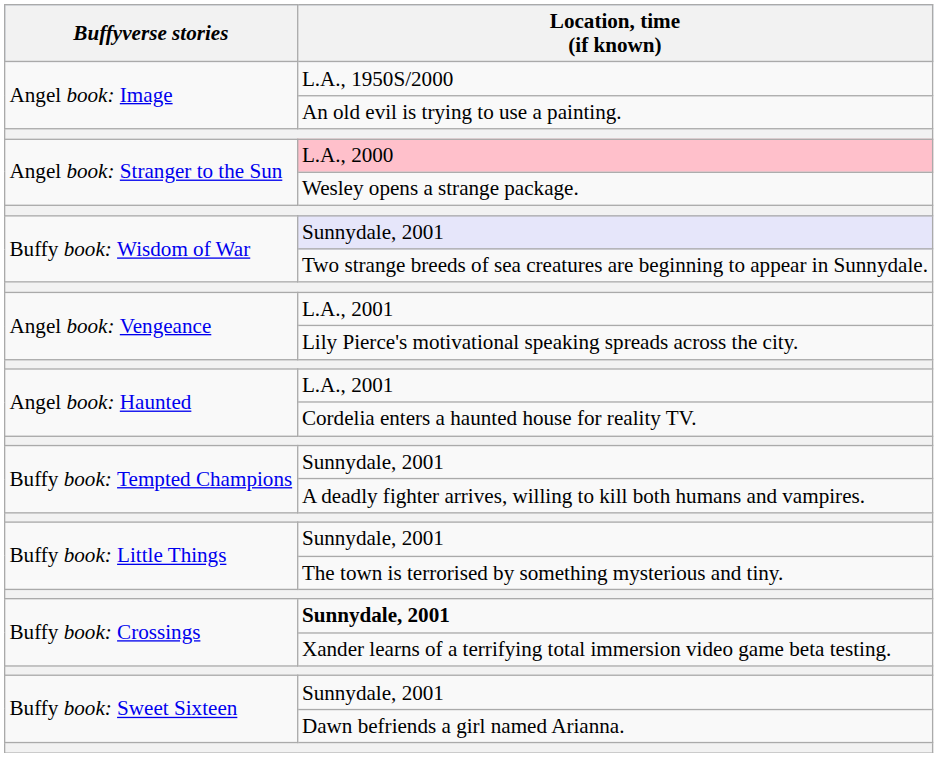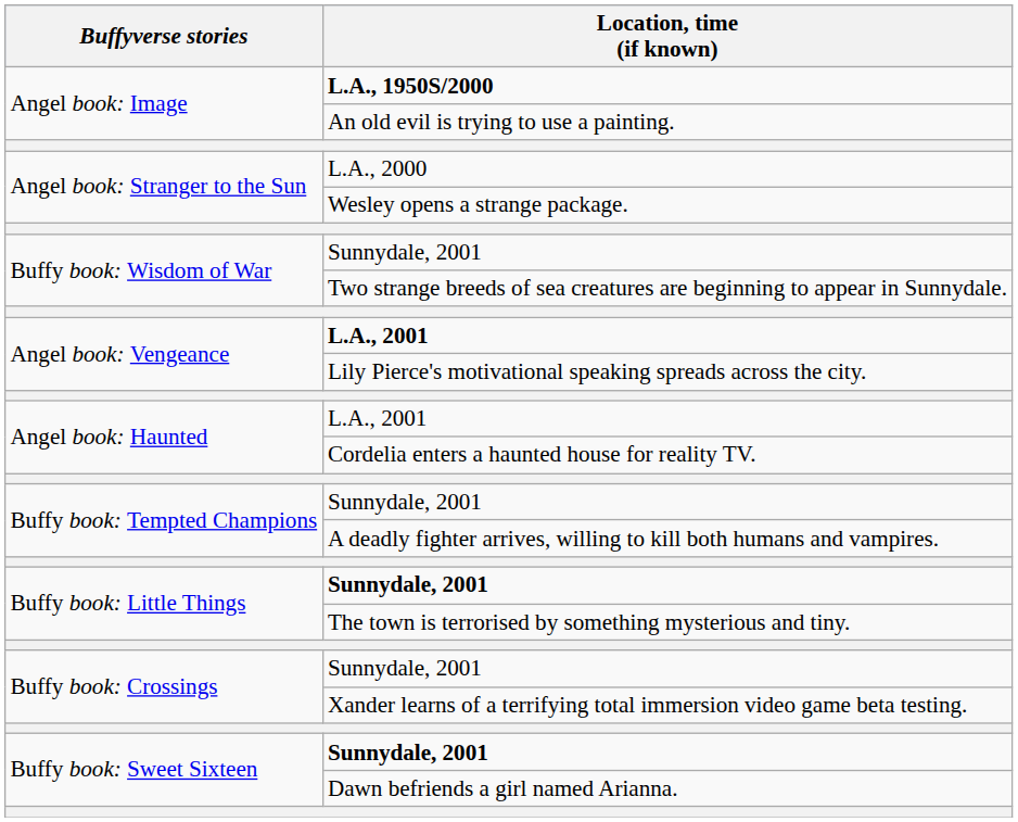 <table class="wikitable">
 <tr bgcolor="lightsteelblue" align=left>
 <th><strong><em>Buffyverse<em> stories<strong></th>
 <th></strong>Location, time<strong> <br>  (if known)</th>
 </tr>
 <tr>
 <td rowspan="2"></em>Angel<em> book: </em><a href='#'>Image</a><em></td>
-<td>L.A., 1950S/2000</td>
+<td><strong>L.A., 1950S/2000</strong></td>
 </tr>
 <tr>
 <td colspan="4">An old evil is trying to use a painting.</td>
 </tr>
 <tr>
 <td colspan="6" bgcolor="#f2f2f2"></td>
 </tr>
 <tr>
 <td rowspan="2"></em>Angel<em> book: </em><a href='#'>Stranger to the Sun</a><em></td>
-<td style="background: pink;">L.A., 2000</td>
+<td>L.A., 2000</td>
 </tr>
 <tr>
 <td colspan="4">Wesley opens a strange package.</td>
 </tr>
 <tr>
 <td colspan="6" bgcolor="#f2f2f2"></td>
 </tr>
 <tr>
 <td rowspan="2"></em>Buffy<em> book: </em><a href='#'>Wisdom of War</a><em></td>
-<td style="background: lavender;">Sunnydale, 2001</td>
+<td>Sunnydale, 2001</td>
 </tr>
 <tr>
 <td colspan="4">Two strange breeds of sea creatures are beginning to appear in Sunnydale.</td>
 </tr>
 <tr>
 <td colspan="6" bgcolor="#f2f2f2"></td>
 </tr>
 <tr>
 <td rowspan="2"></em>Angel<em> book: </em><a href='#'>Vengeance</a><em></td>
-<td>L.A., 2001</td>
+<td><strong>L.A., 2001</strong></td>
 </tr>
 <tr>
 <td colspan="4">Lily Pierce's motivational speaking spreads across the city.</td>
 </tr>
 <tr>
 <td colspan="6" bgcolor="#f2f2f2"></td>
 </tr>
 <tr>
 <td rowspan="2"></em>Angel<em> book: </em><a href='#'>Haunted</a><em></td>
 <td>L.A., 2001</td>
 </tr>
 <tr>
 <td colspan="4">Cordelia enters a haunted house for reality TV.</td>
 </tr>
 <tr>
 <td colspan="6" bgcolor="#f2f2f2"></td>
 </tr>
 <tr>
 <td rowspan="2"></em>Buffy<em> book: </em><a href='#'>Tempted Champions</a><em></td>
 <td>Sunnydale, 2001</td>
 </tr>
 <tr>
 <td colspan="4">A deadly fighter arrives, willing to kill both humans and vampires.</td>
 </tr>
 <tr>
 <td colspan="6" bgcolor="#f2f2f2"></td>
 </tr>
 <tr>
 <td rowspan="2"></em>Buffy<em> book: </em><a href='#'>Little Things</a><em></td>
-<td>Sunnydale, 2001</td>
+<td><strong>Sunnydale, 2001</strong></td>
 </tr>
 <tr>
 <td colspan="4">The town is terrorised by something mysterious and tiny.</td>
 </tr>
 <tr>
 <td colspan="6" bgcolor="#f2f2f2"></td>
 </tr>
 <tr>
 <td rowspan="2"></em>Buffy<em> book: </em><a href='#'>Crossings</a><em></td>
-<td><strong>Sunnydale, 2001</strong></td>
+<td>Sunnydale, 2001</td>
 </tr>
 <tr>
 <td colspan="4">Xander learns of a terrifying total immersion video game beta testing.</td>
 </tr>
 <tr>
 <td colspan="6" bgcolor="#f2f2f2"></td>
 </tr>
 <tr>
 <td rowspan="2"></em>Buffy<em> book: </em><a href='#'>Sweet Sixteen</a><em></td>
-<td>Sunnydale, 2001</td>
+<td><strong>Sunnydale, 2001</strong></td>
 </tr>
 <tr>
 <td colspan="4">Dawn befriends a girl named Arianna.</td>
 </tr>
 <tr>
 <td colspan="6" bgcolor="#f2f2f2"></td>
 </tr>
 </table>
